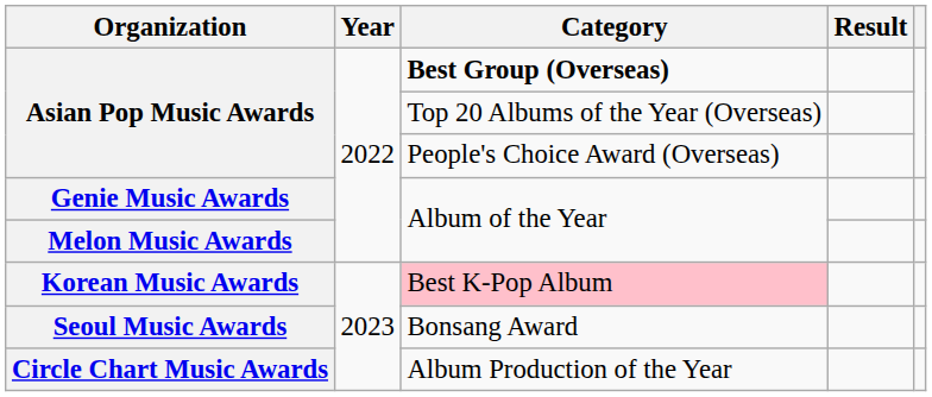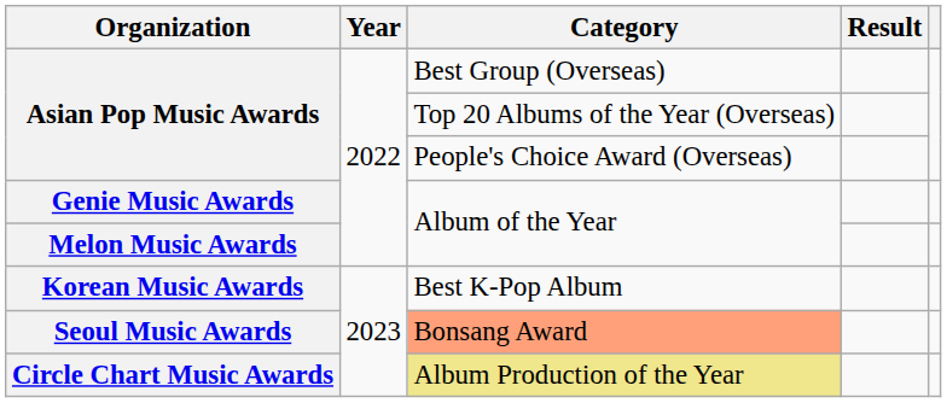 <table class="wikitable plainrowheaders sortable">
 <tr>
 <th>Organization</th>
 <th>Year</th>
 <th>Category</th>
 <th>Result</th>
 <th class="unsortable"></th>
 </tr>
 <tr>
 <th scope="row" rowspan="3">Asian Pop Music Awards</th>
 <td rowspan="5" style="text-align:center">2022</td>
-<td><strong>Best Group (Overseas)</strong></td>
+<td>Best Group (Overseas)</td>
 <td></td>
 <td rowspan="3" style="text-align:center"></td>
 </tr>
 <tr>
 <td>Top 20 Albums of the Year (Overseas)</td>
 <td></td>
 </tr>
 <tr>
 <td>People's Choice Award (Overseas)</td>
 <td></td>
 </tr>
 <tr>
 <th scope="row"><a href='#'>Genie Music Awards</a></th>
 <td rowspan="2">Album of the Year</td>
 <td></td>
 <td style="text-align:center"></td>
 </tr>
 <tr>
 <th scope="row"><a href='#'>Melon Music Awards</a></th>
 <td></td>
 <td style="text-align:center"></td>
 </tr>
 <tr>
 <th scope="row"><a href='#'>Korean Music Awards</a></th>
 <td rowspan="3">2023</td>
-<td style="background: pink;">Best K-Pop Album</td>
+<td>Best K-Pop Album</td>
 <td></td>
 <td style="text-align:center"></td>
 </tr>
 <tr>
 <th scope="row"><a href='#'>Seoul Music Awards</a></th>
-<td>Bonsang Award</td>
+<td style="background: lightsalmon;">Bonsang Award</td>
 <td></td>
 <td style="text-align:center;"></td>
 </tr>
 <tr>
 <th scope="row"><a href='#'>Circle Chart Music Awards</a></th>
-<td>Album Production of the Year</td>
+<td style="background: khaki;">Album Production of the Year</td>
 <td></td>
 <td style="text-align:center"></td>
 </tr>
 </table>
